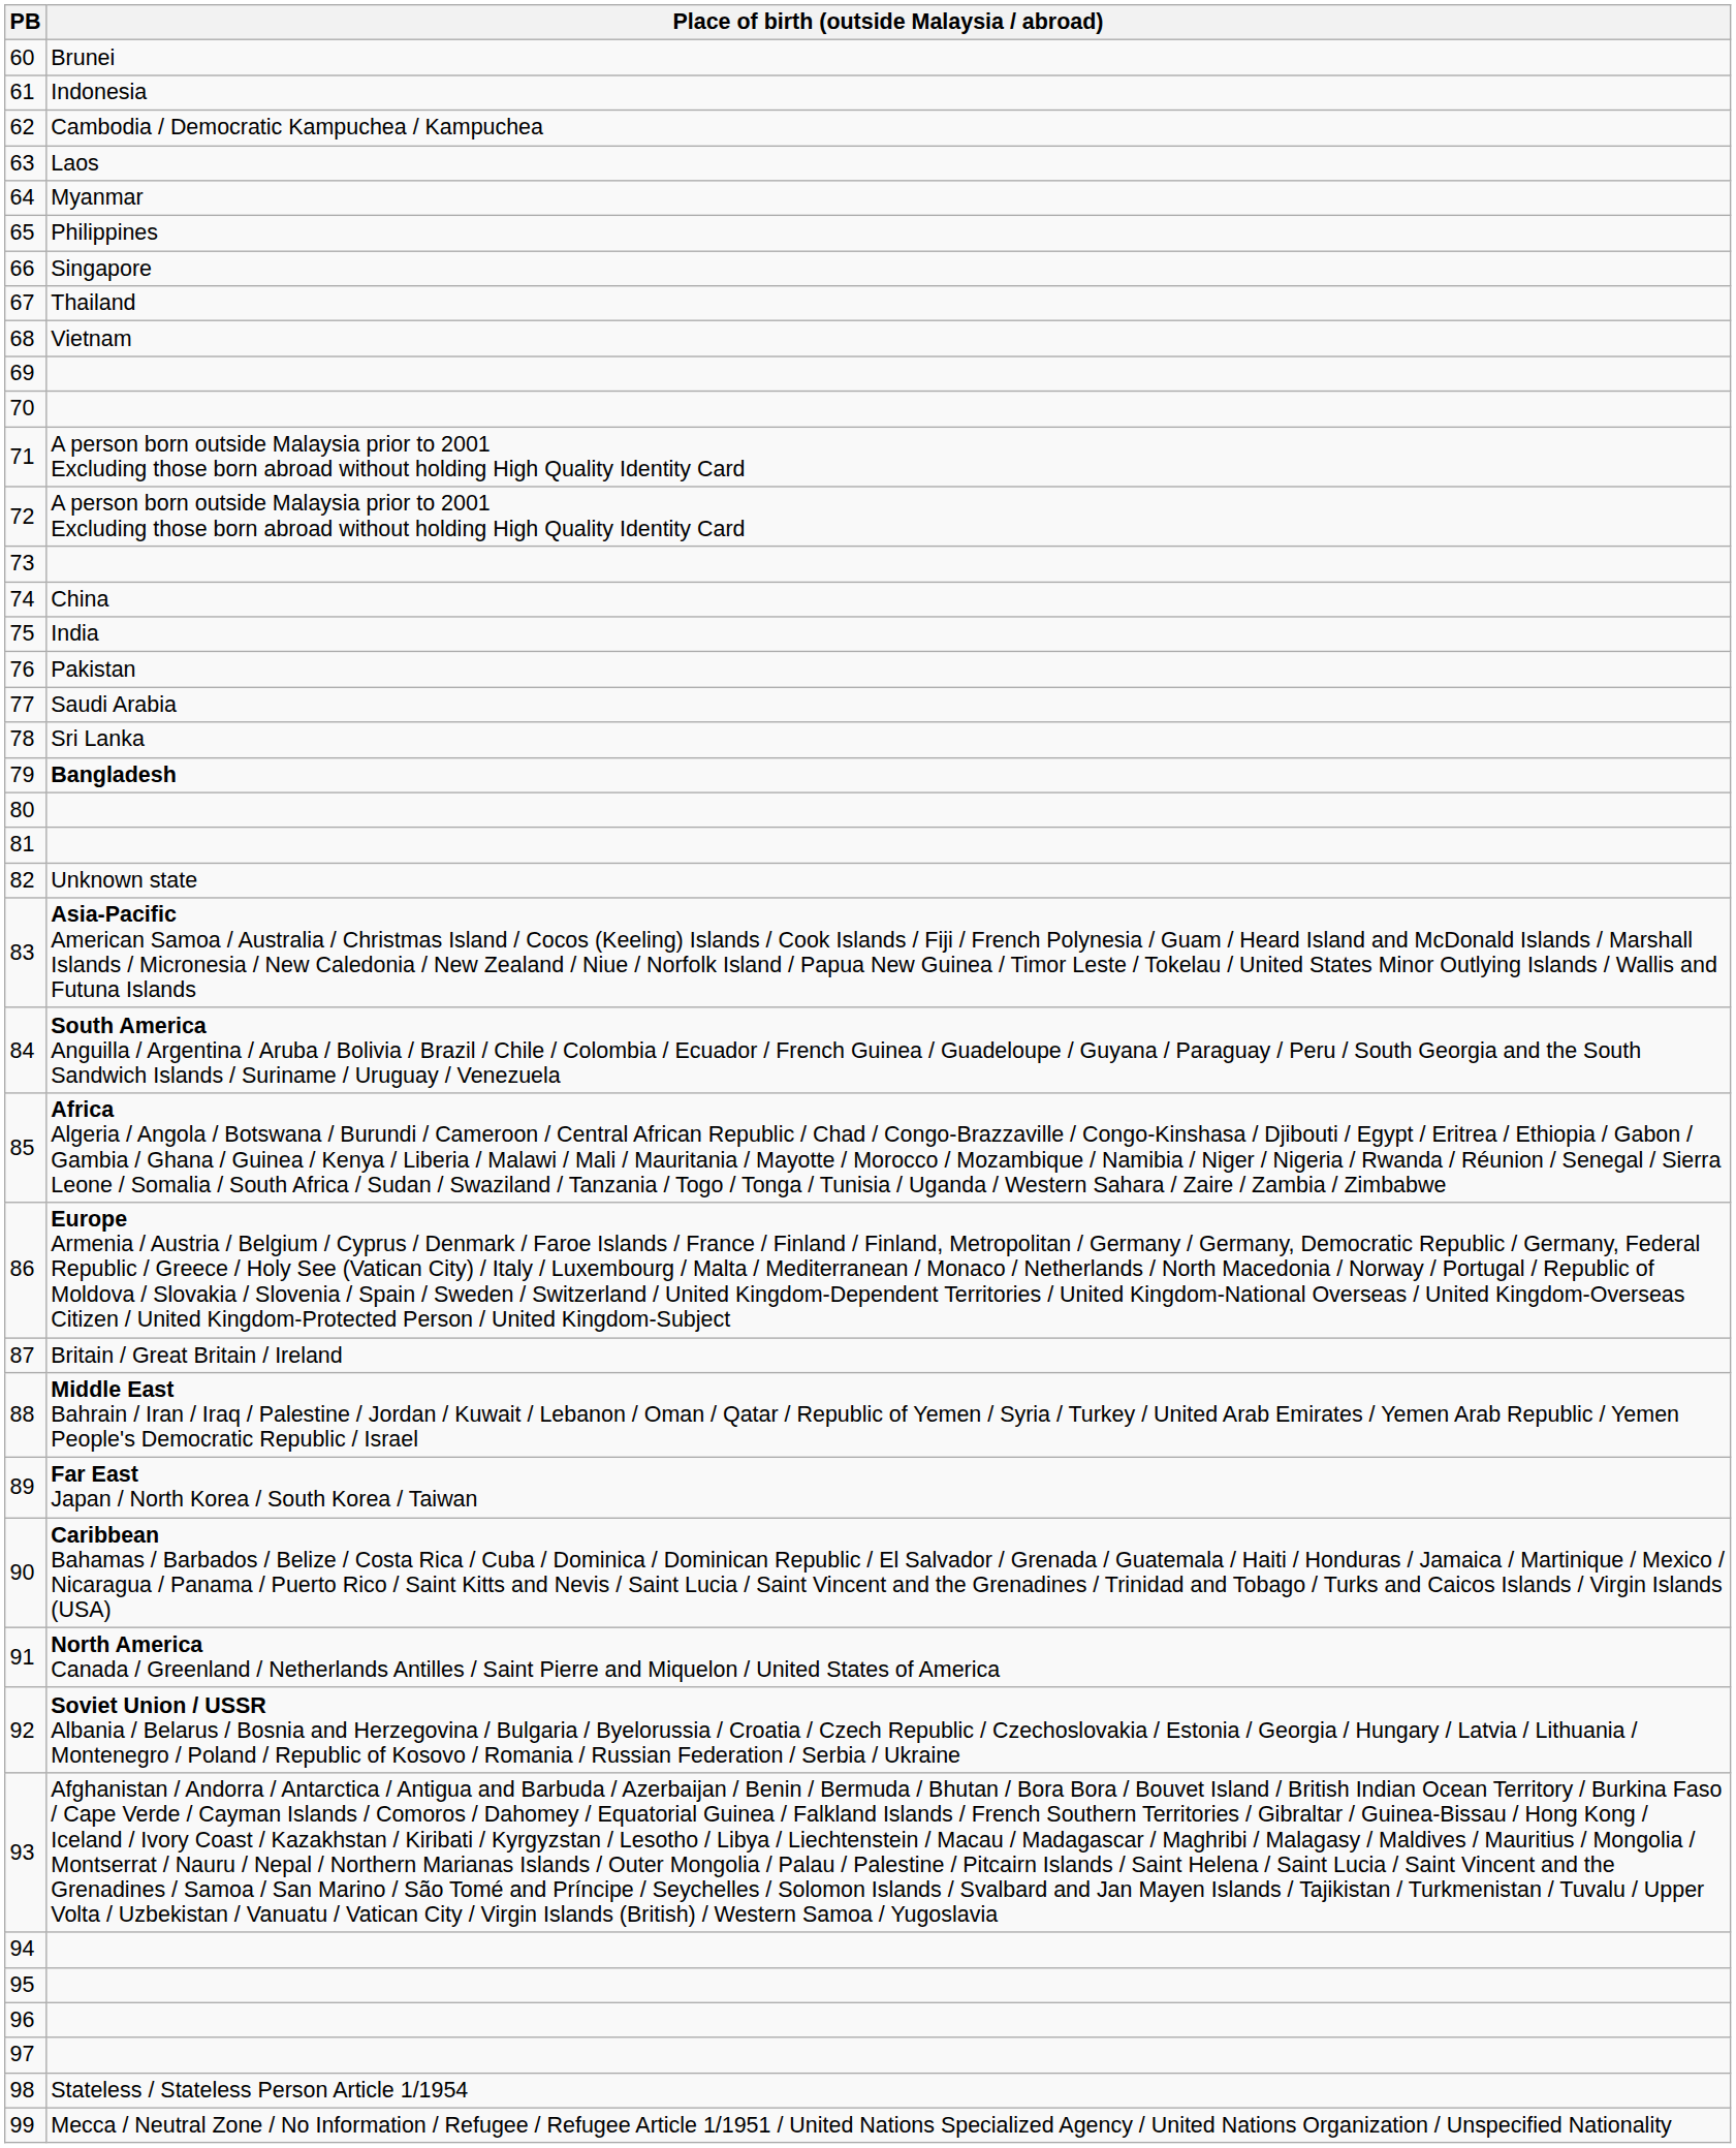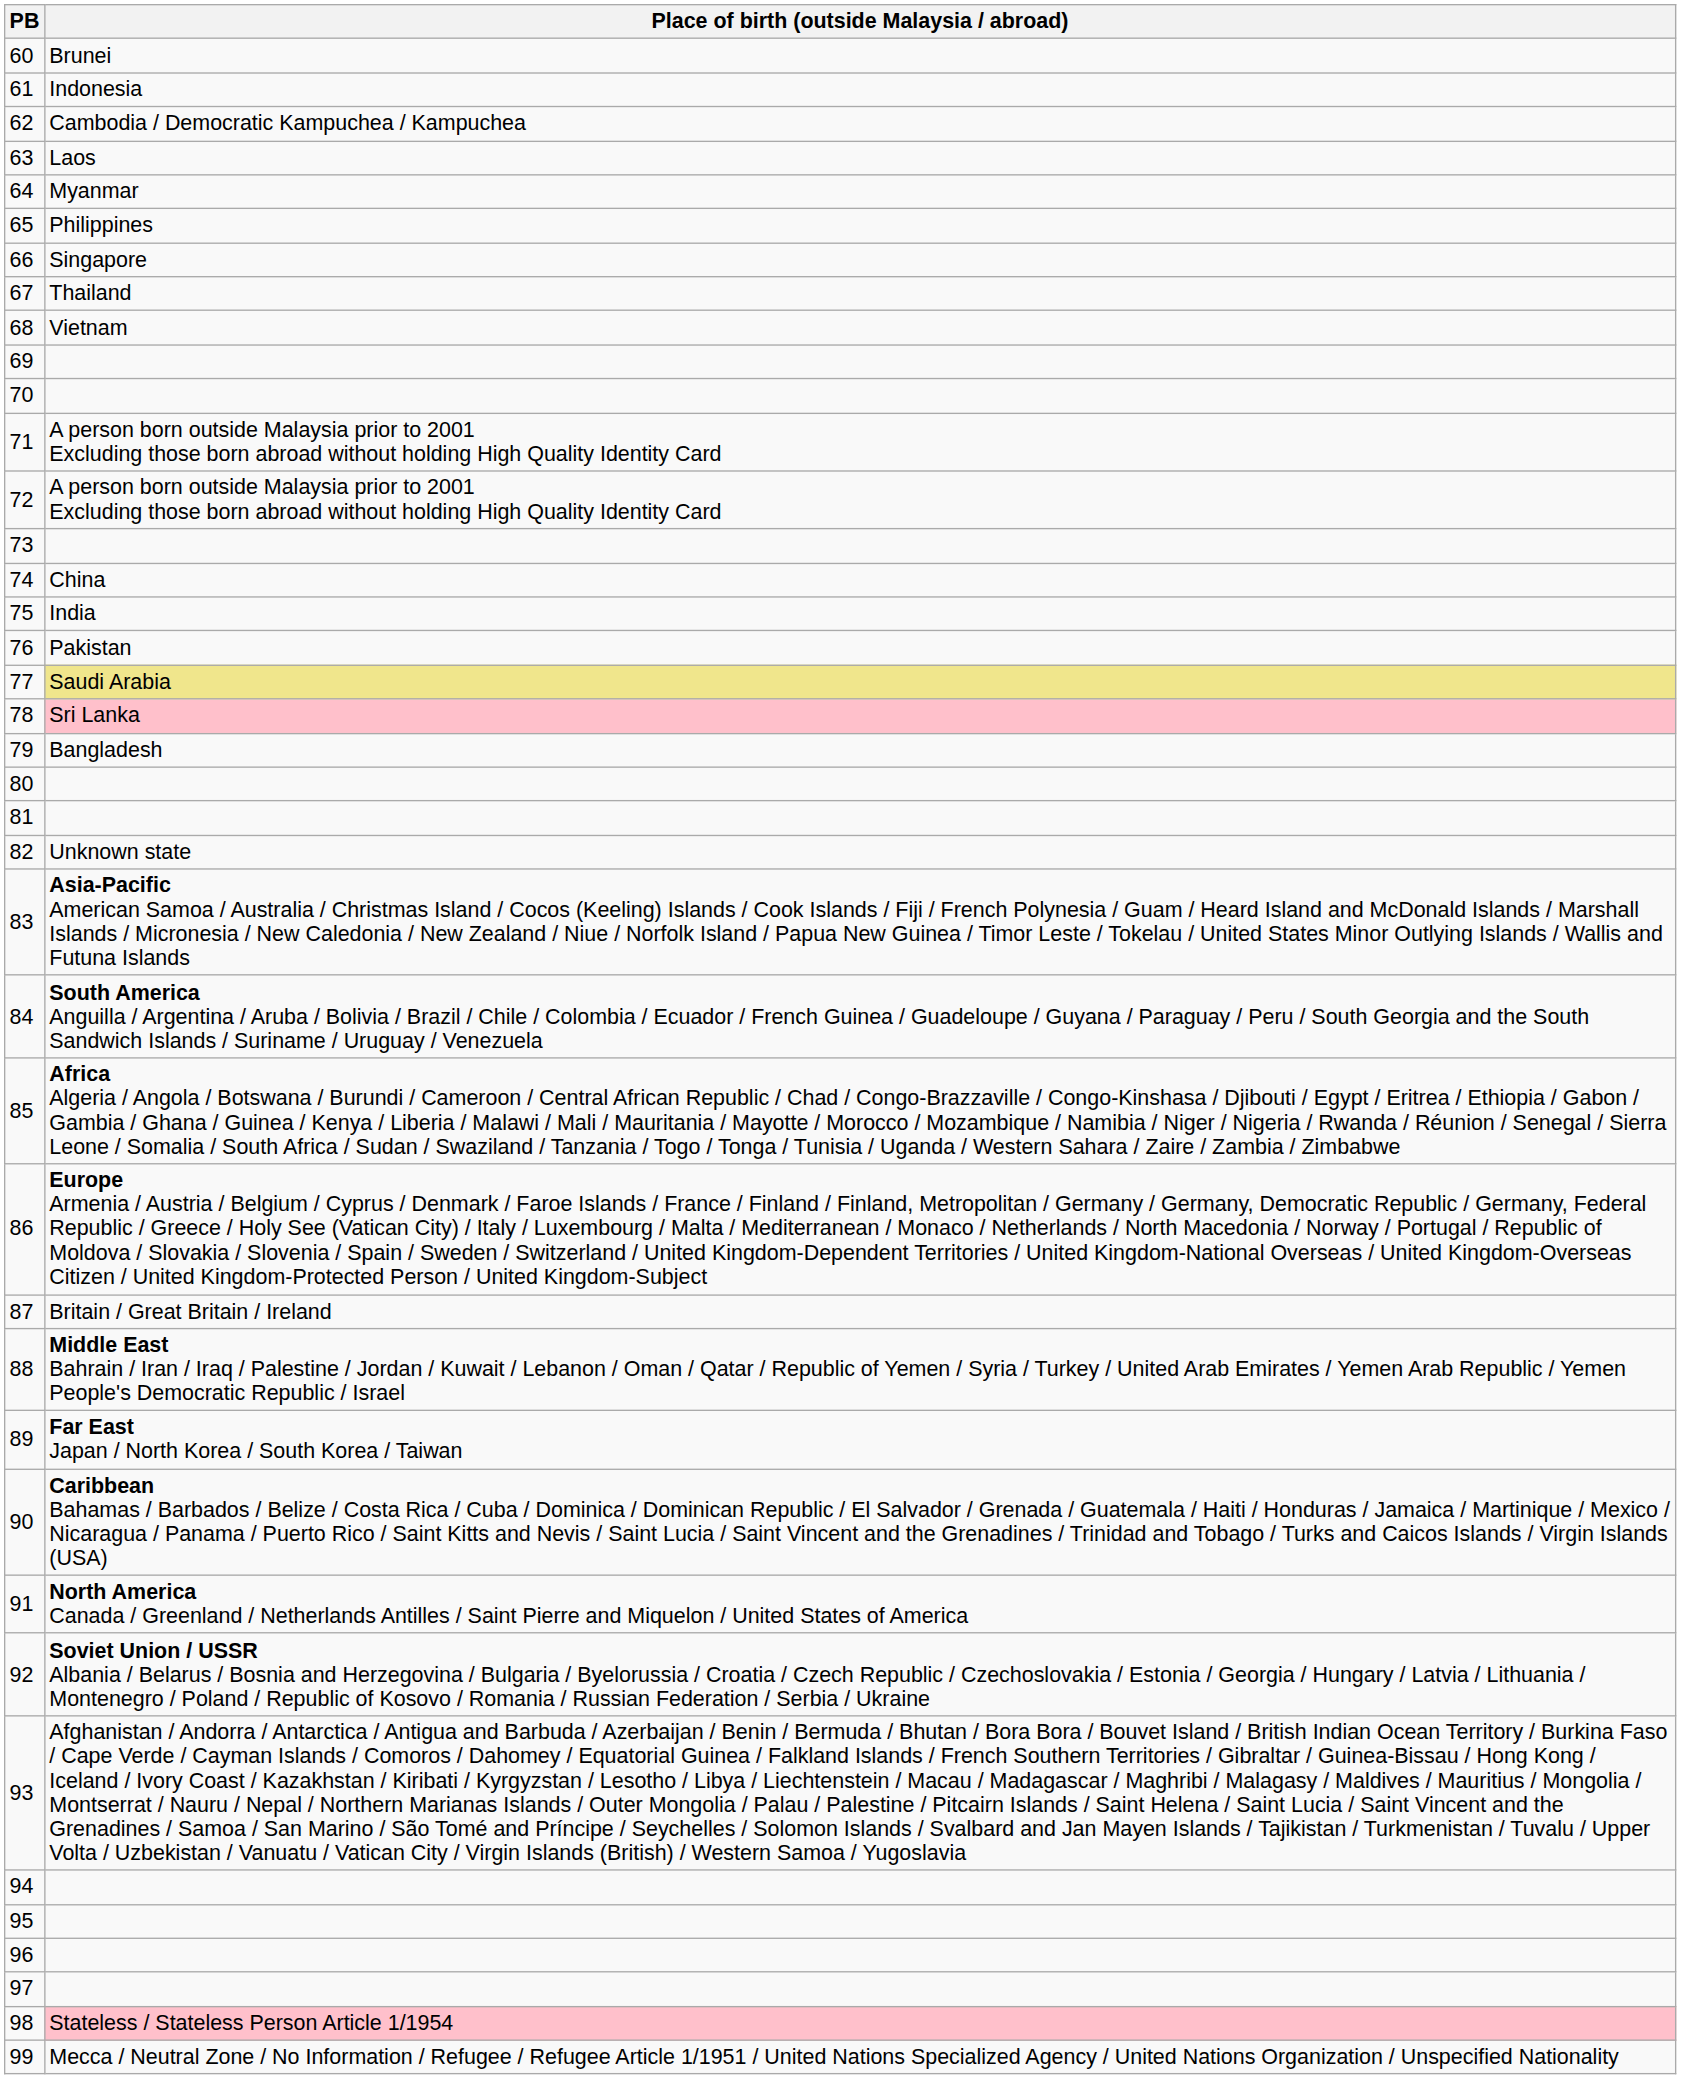 <table class=wikitable>
 <tr>
 <th>PB</th>
 <th>Place of birth (outside Malaysia / abroad)</th>
 </tr>
 <tr>
 <td>60</td>
 <td>Brunei</td>
 </tr>
 <tr>
 <td>61</td>
 <td>Indonesia</td>
 </tr>
 <tr>
 <td>62</td>
 <td>Cambodia / Democratic Kampuchea / Kampuchea</td>
 </tr>
 <tr>
 <td>63</td>
 <td>Laos</td>
 </tr>
 <tr>
 <td>64</td>
 <td>Myanmar</td>
 </tr>
 <tr>
 <td>65</td>
 <td>Philippines</td>
 </tr>
 <tr>
 <td>66</td>
 <td>Singapore</td>
 </tr>
 <tr>
 <td>67</td>
 <td>Thailand</td>
 </tr>
 <tr>
 <td>68</td>
 <td>Vietnam</td>
 </tr>
 <tr>
 <td>69</td>
 <td></td>
 </tr>
 <tr>
 <td>70</td>
 <td></td>
 </tr>
 <tr>
 <td>71</td>
 <td>A person born outside Malaysia prior to 2001<br>Excluding those born abroad without holding High Quality Identity Card</td>
 </tr>
 <tr>
 <td>72</td>
 <td>A person born outside Malaysia prior to 2001<br>Excluding those born abroad without holding High Quality Identity Card</td>
 </tr>
 <tr>
 <td>73</td>
 <td></td>
 </tr>
 <tr>
 <td>74</td>
 <td>China</td>
 </tr>
 <tr>
 <td>75</td>
 <td>India</td>
 </tr>
 <tr>
 <td>76</td>
 <td>Pakistan</td>
 </tr>
 <tr>
 <td>77</td>
-<td>Saudi Arabia</td>
+<td style="background: khaki;">Saudi Arabia</td>
 </tr>
 <tr>
 <td>78</td>
-<td>Sri Lanka</td>
+<td style="background: pink;">Sri Lanka</td>
 </tr>
 <tr>
 <td>79</td>
-<td><strong>Bangladesh</strong></td>
+<td>Bangladesh</td>
 </tr>
 <tr>
 <td>80</td>
 <td></td>
 </tr>
 <tr>
 <td>81</td>
 <td></td>
 </tr>
 <tr>
 <td>82</td>
 <td>Unknown state</td>
 </tr>
 <tr>
 <td>83</td>
 <td><strong>Asia-Pacific</strong><br>American Samoa / Australia / Christmas Island / Cocos (Keeling) Islands / Cook Islands / Fiji / French Polynesia / Guam / Heard Island and McDonald Islands / Marshall Islands / Micronesia / New Caledonia / New Zealand / Niue / Norfolk Island / Papua New Guinea / Timor Leste / Tokelau / United States Minor Outlying Islands / Wallis and Futuna Islands</td>
 </tr>
 <tr>
 <td>84</td>
 <td><strong>South America</strong><br>Anguilla / Argentina / Aruba / Bolivia / Brazil / Chile / Colombia / Ecuador / French Guinea / Guadeloupe / Guyana / Paraguay / Peru / South Georgia and the South Sandwich Islands / Suriname / Uruguay / Venezuela</td>
 </tr>
 <tr>
 <td>85</td>
 <td><strong>Africa</strong><br>Algeria / Angola / Botswana / Burundi / Cameroon / Central African Republic / Chad / Congo-Brazzaville / Congo-Kinshasa / Djibouti / Egypt / Eritrea / Ethiopia / Gabon / Gambia / Ghana / Guinea / Kenya / Liberia / Malawi / Mali / Mauritania / Mayotte / Morocco / Mozambique / Namibia / Niger / Nigeria / Rwanda / Réunion / Senegal / Sierra Leone / Somalia / South Africa / Sudan / Swaziland / Tanzania / Togo / Tonga / Tunisia / Uganda / Western Sahara / Zaire / Zambia / Zimbabwe</td>
 </tr>
 <tr>
 <td>86</td>
 <td><strong>Europe</strong><br>Armenia / Austria / Belgium / Cyprus / Denmark / Faroe Islands / France / Finland / Finland, Metropolitan / Germany / Germany, Democratic Republic / Germany, Federal Republic / Greece / Holy See (Vatican City) / Italy / Luxembourg / Malta / Mediterranean / Monaco / Netherlands / North Macedonia / Norway / Portugal / Republic of Moldova / Slovakia / Slovenia / Spain / Sweden / Switzerland / United Kingdom-Dependent Territories / United Kingdom-National Overseas / United Kingdom-Overseas Citizen / United Kingdom-Protected Person / United Kingdom-Subject</td>
 </tr>
 <tr>
 <td>87</td>
 <td>Britain / Great Britain / Ireland</td>
 </tr>
 <tr>
 <td>88</td>
 <td><strong>Middle East</strong><br>Bahrain / Iran / Iraq / Palestine / Jordan / Kuwait / Lebanon / Oman / Qatar / Republic of Yemen / Syria / Turkey / United Arab Emirates / Yemen Arab Republic / Yemen People's Democratic Republic / Israel</td>
 </tr>
 <tr>
 <td>89</td>
 <td><strong>Far East</strong><br>Japan / North Korea / South Korea / Taiwan</td>
 </tr>
 <tr>
 <td>90</td>
 <td><strong>Caribbean</strong><br>Bahamas / Barbados / Belize / Costa Rica / Cuba / Dominica / Dominican Republic / El Salvador / Grenada / Guatemala / Haiti / Honduras / Jamaica / Martinique / Mexico / Nicaragua / Panama / Puerto Rico / Saint Kitts and Nevis / Saint Lucia / Saint Vincent and the Grenadines / Trinidad and Tobago / Turks and Caicos Islands / Virgin Islands (USA)</td>
 </tr>
 <tr>
 <td>91</td>
 <td><strong>North America </strong><br>Canada / Greenland / Netherlands Antilles / Saint Pierre and Miquelon / United States of America</td>
 </tr>
 <tr>
 <td>92</td>
 <td><strong>Soviet Union / USSR</strong><br>Albania / Belarus / Bosnia and Herzegovina / Bulgaria / Byelorussia / Croatia / Czech Republic / Czechoslovakia / Estonia / Georgia / Hungary / Latvia / Lithuania / Montenegro / Poland / Republic of Kosovo / Romania / Russian Federation / Serbia / Ukraine</td>
 </tr>
 <tr>
 <td>93</td>
 <td>Afghanistan / Andorra / Antarctica / Antigua and Barbuda / Azerbaijan / Benin / Bermuda / Bhutan / Bora Bora / Bouvet Island / British Indian Ocean Territory / Burkina Faso / Cape Verde / Cayman Islands / Comoros / Dahomey / Equatorial Guinea / Falkland Islands / French Southern Territories / Gibraltar / Guinea-Bissau / Hong Kong / Iceland / Ivory Coast / Kazakhstan / Kiribati / Kyrgyzstan / Lesotho / Libya / Liechtenstein / Macau / Madagascar / Maghribi / Malagasy / Maldives / Mauritius / Mongolia / Montserrat / Nauru / Nepal / Northern Marianas Islands / Outer Mongolia / Palau / Palestine / Pitcairn Islands / Saint Helena / Saint Lucia / Saint Vincent and the Grenadines / Samoa / San Marino / São Tomé and Príncipe / Seychelles / Solomon Islands / Svalbard and Jan Mayen Islands / Tajikistan / Turkmenistan / Tuvalu / Upper Volta / Uzbekistan / Vanuatu / Vatican City / Virgin Islands (British) / Western Samoa / Yugoslavia</td>
 </tr>
 <tr>
 <td>94</td>
 <td></td>
 </tr>
 <tr>
 <td>95</td>
 <td></td>
 </tr>
 <tr>
 <td>96</td>
 <td></td>
 </tr>
 <tr>
 <td>97</td>
 <td></td>
 </tr>
 <tr>
 <td>98</td>
-<td>Stateless / Stateless Person Article 1/1954</td>
+<td style="background: pink;">Stateless / Stateless Person Article 1/1954</td>
 </tr>
 <tr>
 <td>99</td>
 <td>Mecca / Neutral Zone / No Information / Refugee / Refugee Article 1/1951 / United Nations Specialized Agency / United Nations Organization / Unspecified Nationality</td>
 </tr>
 </table>
